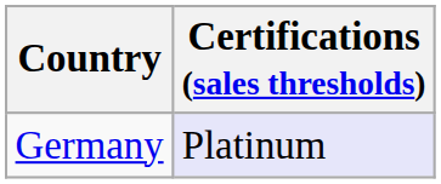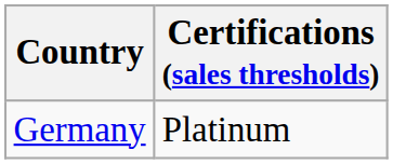 <table class="wikitable">
 <tr>
 <th>Country</th>
 <th>Certifications<br><small>(<a href='#'>sales thresholds</a>)</small></th>
 </tr>
 <tr>
 <td><a href='#'>Germany</a></td>
-<td style="background: lavender;">Platinum</td>
+<td>Platinum</td>
 </tr>
 </table>
